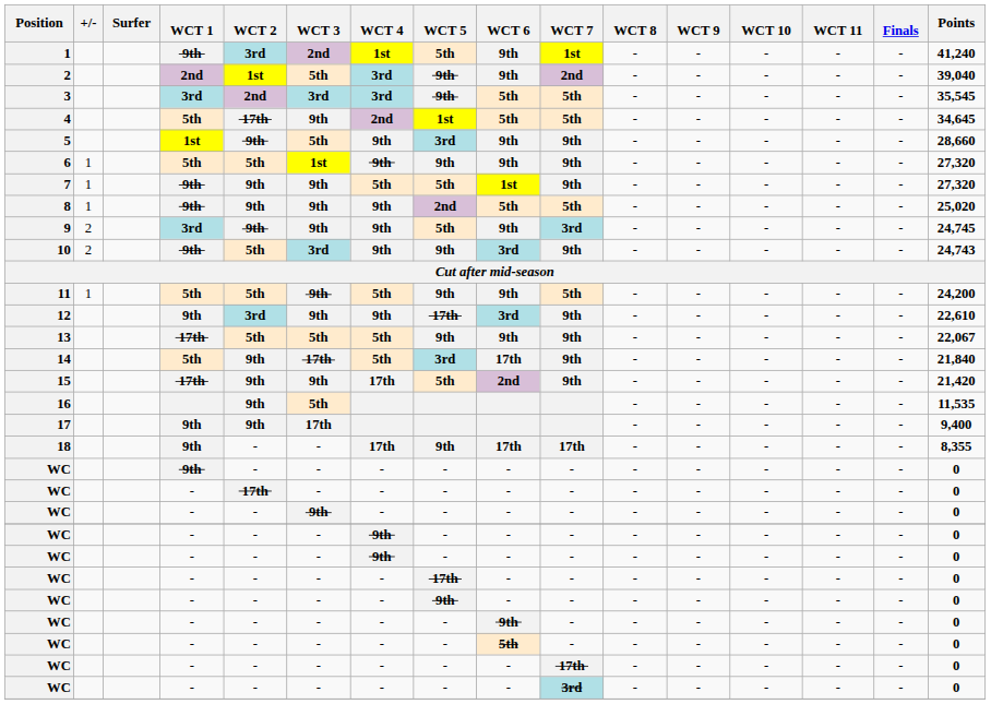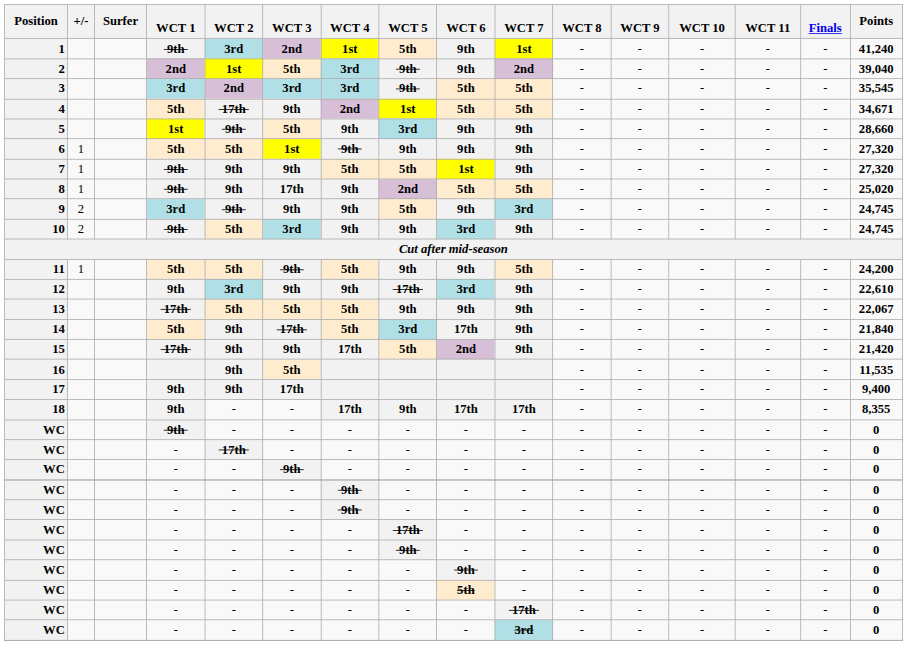 <table class="wikitable" style="width:90%; text-align: center">
 <tr>
 <th>Position</th>
 <th>+/-</th>
 <th>Surfer</th>
 <th><br>WCT 1</th>
 <th><br>WCT 2</th>
 <th><br>WCT 3</th>
 <th><br>WCT 4</th>
 <th><br>WCT 5</th>
 <th><br>WCT 6</th>
 <th><br>WCT 7</th>
 <th><br>WCT 8</th>
 <th><br>WCT 9</th>
 <th><br>WCT 10</th>
 <th><br>WCT 11</th>
 <th><br><a href='#'>Finals</a></th>
 <th>Points</th>
 </tr>
 <tr>
 <th style="text-align:right;">1</th>
 <td></td>
 <td style="text-align:left;"></td>
 <th><s> 9th </s></th>
 <th style="background:#b0e0e6;"> 3rd </th>
 <th style="background:thistle;"> 2nd </th>
 <th style="background:yellow;"> 1st </th>
 <th style="background:#ffebcd;"> 5th </th>
 <th> 9th </th>
 <th style="background:yellow;"> 1st </th>
 <td>-</td>
 <td>-</td>
 <td>-</td>
 <td>-</td>
 <td>-</td>
 <td><strong>41,240</strong></td>
 </tr>
 <tr>
 <th style="text-align:right;">2</th>
 <td></td>
 <td style="text-align:left;"></td>
 <th style="background:thistle;"> 2nd </th>
 <th style="background:yellow;"> 1st </th>
 <th style="background:#ffebcd;"> 5th </th>
 <th style="background:#b0e0e6;"> 3rd </th>
 <th><s> 9th </s></th>
 <th> 9th </th>
 <th style="background:thistle;"> 2nd </th>
 <td>-</td>
 <td>-</td>
 <td>-</td>
 <td>-</td>
 <td>-</td>
 <td><strong>39,040</strong></td>
 </tr>
 <tr>
 <th style="text-align:right;">3</th>
 <td></td>
 <td style="text-align:left;"></td>
 <th style="background:#b0e0e6;"> 3rd </th>
 <th style="background:thistle;"> 2nd </th>
 <th style="background:#b0e0e6;"> 3rd </th>
 <th style="background:#b0e0e6;"> 3rd </th>
 <th><s> 9th </s></th>
 <th style="background:#ffebcd;"> 5th </th>
 <th style="background:#ffebcd;"> 5th </th>
 <td>-</td>
 <td>-</td>
 <td>-</td>
 <td>-</td>
 <td>-</td>
 <td><strong>35,545</strong></td>
 </tr>
 <tr>
 <th style="text-align:right;">4</th>
 <td></td>
 <td style="text-align:left;"></td>
 <th style="background:#ffebcd;"> 5th </th>
 <th><s> 17th </s></th>
 <th> 9th </th>
 <th style="background:thistle;"> 2nd </th>
 <th style="background:yellow;"> 1st </th>
 <th style="background:#ffebcd;"> 5th </th>
 <th style="background:#ffebcd;"> 5th </th>
 <td>-</td>
 <td>-</td>
 <td>-</td>
 <td>-</td>
 <td>-</td>
-<td><strong>34,645</strong></td>
+<td><strong>34,671</strong></td>
 </tr>
 <tr>
 <th style="text-align:right;">5</th>
 <td></td>
 <td style="text-align:left;background:"></td>
 <th style="background:yellow;"> 1st </th>
 <th><s> 9th </s></th>
 <th style="background:#ffebcd;"> 5th </th>
 <th> 9th </th>
 <th style="background:#b0e0e6;"> 3rd </th>
 <th> 9th </th>
 <th> 9th </th>
 <td>-</td>
 <td>-</td>
 <td>-</td>
 <td>-</td>
 <td>-</td>
 <td><strong>28,660</strong></td>
 </tr>
 <tr>
 <th style="text-align:right;">6</th>
 <td style="background:">1</td>
 <td style="text-align:left;"></td>
 <th style="background:#ffebcd;"> 5th </th>
 <th style="background:#ffebcd;"> 5th </th>
 <th style="background:yellow;"> 1st </th>
 <th><s> 9th </s></th>
 <th> 9th </th>
 <th> 9th </th>
 <th> 9th </th>
 <td>-</td>
 <td>-</td>
 <td>-</td>
 <td>-</td>
 <td>-</td>
 <td><strong>27,320</strong></td>
 </tr>
 <tr>
 <th style="text-align:right;">7</th>
 <td style="background:">1</td>
 <td style="text-align:left;"></td>
 <th><s> 9th </s></th>
 <th> 9th </th>
 <th> 9th </th>
 <th style="background:#ffebcd;"> 5th </th>
 <th style="background:#ffebcd;"> 5th </th>
 <th style="background:yellow;"> 1st </th>
 <th> 9th </th>
 <td>-</td>
 <td>-</td>
 <td>-</td>
 <td>-</td>
 <td>-</td>
 <td><strong>27,320</strong></td>
 </tr>
 <tr>
 <th style="text-align:right;">8</th>
 <td style="background:">1</td>
 <td style="text-align:left;"></td>
 <th><s> 9th </s></th>
 <th> 9th </th>
-<th> 9th </th>
+<th> 17th </th>
 <th> 9th </th>
 <th style="background:thistle;"> 2nd </th>
 <th style="background:#ffebcd;"> 5th </th>
 <th style="background:#ffebcd;"> 5th </th>
 <td>-</td>
 <td>-</td>
 <td>-</td>
 <td>-</td>
 <td>-</td>
 <td><strong>25,020</strong></td>
 </tr>
 <tr>
 <th style="text-align:right;">9</th>
 <td style="background:">2</td>
 <td style="text-align:left;"></td>
 <th style="background:#b0e0e6;"> 3rd </th>
 <th><s> 9th </s></th>
 <th> 9th </th>
 <th> 9th </th>
 <th style="background:#ffebcd;"> 5th </th>
 <th> 9th </th>
 <th style="background:#b0e0e6;"> 3rd </th>
 <td>-</td>
 <td>-</td>
 <td>-</td>
 <td>-</td>
 <td>-</td>
 <td><strong>24,745</strong></td>
 </tr>
 <tr>
 <th style="text-align:right;">10</th>
 <td style="background:">2</td>
 <td style="text-align:left;"></td>
 <th><s> 9th </s></th>
 <th style="background:#ffebcd;"> 5th </th>
 <th style="background:#b0e0e6;"> 3rd </th>
 <th> 9th </th>
 <th> 9th </th>
 <th style="background:#b0e0e6;"> 3rd </th>
 <th> 9th </th>
 <td>-</td>
 <td>-</td>
 <td>-</td>
 <td>-</td>
 <td>-</td>
-<td><strong>24,743</strong></td>
+<td><strong>24,745</strong></td>
 </tr>
 <tr>
 <th colspan="16"><em>Cut after mid-season</em></th>
 </tr>
 <tr>
 <th style="text-align:right;">11</th>
 <td style="background:">1</td>
 <td style="text-align:left;"></td>
 <th style="background:#ffebcd;"> 5th </th>
 <th style="background:#ffebcd;"> 5th </th>
 <th><s> 9th </s></th>
 <th style="background:#ffebcd;"> 5th </th>
 <th> 9th </th>
 <th> 9th </th>
 <th style="background:#ffebcd;"> 5th </th>
 <td>-</td>
 <td>-</td>
 <td>-</td>
 <td>-</td>
 <td>-</td>
 <td><strong>24,200</strong></td>
 </tr>
 <tr>
 <th style="text-align:right;">12</th>
 <td></td>
 <td style="text-align:left;"></td>
 <th> 9th </th>
 <th style="background:#b0e0e6;"> 3rd </th>
 <th> 9th </th>
 <th> 9th </th>
 <th><s> 17th </s></th>
 <th style="background:#b0e0e6;"> 3rd </th>
 <th> 9th </th>
 <td>-</td>
 <td>-</td>
 <td>-</td>
 <td>-</td>
 <td>-</td>
 <td><strong>22,610</strong></td>
 </tr>
 <tr>
 <th style="text-align:right;">13</th>
 <td></td>
 <td style="text-align:left;"></td>
 <th><s> 17th </s></th>
 <th style="background:#ffebcd;"> 5th </th>
 <th style="background:#ffebcd;"> 5th </th>
 <th style="background:#ffebcd;"> 5th </th>
 <th> 9th </th>
 <th> 9th </th>
 <th> 9th </th>
 <td>-</td>
 <td>-</td>
 <td>-</td>
 <td>-</td>
 <td>-</td>
 <td><strong>22,067</strong></td>
 </tr>
 <tr>
 <th style="text-align:right;">14</th>
 <td></td>
 <td style="text-align:left;"></td>
 <th style="background:#ffebcd;"> 5th </th>
 <th> 9th </th>
 <th><s> 17th </s></th>
 <th style="background:#ffebcd;"> 5th </th>
 <th style="background:#b0e0e6;"> 3rd </th>
 <th> 17th </th>
 <th> 9th </th>
 <td>-</td>
 <td>-</td>
 <td>-</td>
 <td>-</td>
 <td>-</td>
 <td><strong>21,840</strong></td>
 </tr>
 <tr>
 <th style="text-align:right;">15</th>
 <td></td>
 <td style="text-align:left;"></td>
 <th><s> 17th </s></th>
 <th> 9th </th>
 <th> 9th </th>
 <th> 17th </th>
 <th style="background:#ffebcd;"> 5th </th>
 <th style="background:thistle;"> 2nd </th>
 <th> 9th </th>
 <td>-</td>
 <td>-</td>
 <td>-</td>
 <td>-</td>
 <td>-</td>
 <td><strong>21,420</strong></td>
 </tr>
 <tr>
 <th style="text-align:right;">16</th>
 <td></td>
 <td style="text-align:left;"></td>
 <th>  </th>
 <th> 9th </th>
 <th style="background:#ffebcd;"> 5th </th>
 <th>  </th>
 <th>  </th>
 <th>  </th>
 <th>  </th>
 <td>-</td>
 <td>-</td>
 <td>-</td>
 <td>-</td>
 <td>-</td>
 <td><strong>11,535</strong></td>
 </tr>
 <tr>
 <th style="text-align:right;">17</th>
 <td></td>
 <td style="text-align:left;"></td>
 <th> 9th </th>
 <th> 9th </th>
 <th> 17th </th>
 <th>  </th>
 <th>  </th>
 <th>  </th>
 <th>  </th>
 <td>-</td>
 <td>-</td>
 <td>-</td>
 <td>-</td>
 <td>-</td>
 <td><strong>9,400</strong></td>
 </tr>
 <tr>
 <th style="text-align:right;">18</th>
 <td></td>
 <td style="text-align:left;"></td>
 <th> 9th </th>
 <td>-</td>
 <td>-</td>
 <th> 17th </th>
 <th> 9th </th>
 <th> 17th </th>
 <th> 17th </th>
 <td>-</td>
 <td>-</td>
 <td>-</td>
 <td>-</td>
 <td>-</td>
 <td><strong>8,355</strong></td>
 </tr>
 <tr>
 <th style="text-align:right;">WC</th>
 <td></td>
 <td style="text-align:left;"></td>
 <th><s> 9th </s></th>
 <td>-</td>
 <td>-</td>
 <td>-</td>
 <td>-</td>
 <td>-</td>
 <td>-</td>
 <td>-</td>
 <td>-</td>
 <td>-</td>
 <td>-</td>
 <td>-</td>
 <td><strong>0</strong></td>
 </tr>
 <tr>
 <th style="text-align:right;">WC</th>
 <td></td>
 <td style="text-align:left;"></td>
 <td>-</td>
 <th><s> 17th </s></th>
 <td>-</td>
 <td>-</td>
 <td>-</td>
 <td>-</td>
 <td>-</td>
 <td>-</td>
 <td>-</td>
 <td>-</td>
 <td>-</td>
 <td>-</td>
 <td><strong>0</strong></td>
 </tr>
 <tr>
 <th style="text-align:right;">WC</th>
 <td></td>
 <td style="text-align:left;"></td>
 <td>-</td>
 <td>-</td>
 <th><s> 9th </s></th>
 <td>-</td>
 <td>-</td>
 <td>-</td>
 <td>-</td>
 <td>-</td>
 <td>-</td>
 <td>-</td>
 <td>-</td>
 <td>-</td>
 <td><strong>0</strong></td>
 </tr>
 <tr>
 </tr>
 <tr>
 <th style="text-align:right;">WC</th>
 <td></td>
 <td style="text-align:left;"></td>
 <td>-</td>
 <td>-</td>
 <td>-</td>
 <th><s> 9th </s></th>
 <td>-</td>
 <td>-</td>
 <td>-</td>
 <td>-</td>
 <td>-</td>
 <td>-</td>
 <td>-</td>
 <td>-</td>
 <td><strong>0</strong></td>
 </tr>
 <tr>
 <th style="text-align:right;">WC</th>
 <td></td>
 <td style="text-align:left;"></td>
 <td>-</td>
 <td>-</td>
 <td>-</td>
 <th><s> 9th </s></th>
 <td>-</td>
 <td>-</td>
 <td>-</td>
 <td>-</td>
 <td>-</td>
 <td>-</td>
 <td>-</td>
 <td>-</td>
 <td><strong>0</strong></td>
 </tr>
 <tr>
 <th style="text-align:right;">WC</th>
 <td></td>
 <td style="text-align:left;"></td>
 <td>-</td>
 <td>-</td>
 <td>-</td>
 <td>-</td>
 <th><s> 17th </s></th>
 <td>-</td>
 <td>-</td>
 <td>-</td>
 <td>-</td>
 <td>-</td>
 <td>-</td>
 <td>-</td>
 <td><strong>0</strong></td>
 </tr>
 <tr>
 <th style="text-align:right;">WC</th>
 <td></td>
 <td style="text-align:left;"></td>
 <td>-</td>
 <td>-</td>
 <td>-</td>
 <td>-</td>
 <th><s> 9th </s></th>
 <td>-</td>
 <td>-</td>
 <td>-</td>
 <td>-</td>
 <td>-</td>
 <td>-</td>
 <td>-</td>
 <td><strong>0</strong></td>
 </tr>
 <tr>
 <th style="text-align:right;">WC</th>
 <td></td>
 <td style="text-align:left;"></td>
 <td>-</td>
 <td>-</td>
 <td>-</td>
 <td>-</td>
 <td>-</td>
 <th><s> 9th </s></th>
 <td>-</td>
 <td>-</td>
 <td>-</td>
 <td>-</td>
 <td>-</td>
 <td>-</td>
 <td><strong>0</strong></td>
 </tr>
 <tr>
 <th style="text-align:right;">WC</th>
 <td></td>
 <td style="text-align:left;"></td>
 <td>-</td>
 <td>-</td>
 <td>-</td>
 <td>-</td>
 <td>-</td>
 <th style="background:#ffebcd;"> <s>5th</s> </th>
 <td>-</td>
 <td>-</td>
 <td>-</td>
 <td>-</td>
 <td>-</td>
 <td>-</td>
 <td><strong>0</strong></td>
 </tr>
 <tr>
 <th style="text-align:right;">WC</th>
 <td></td>
 <td style="text-align:left;"></td>
 <td>-</td>
 <td>-</td>
 <td>-</td>
 <td>-</td>
 <td>-</td>
 <td>-</td>
 <th><s> 17th </s></th>
 <td>-</td>
 <td>-</td>
 <td>-</td>
 <td>-</td>
 <td>-</td>
 <td><strong>0</strong></td>
 </tr>
 <tr>
 <th style="text-align:right;">WC</th>
 <td></td>
 <td style="text-align:left;"></td>
 <td>-</td>
 <td>-</td>
 <td>-</td>
 <td>-</td>
 <td>-</td>
 <td>-</td>
 <th style="background:#b0e0e6;"> <s>3rd</s> </th>
 <td>-</td>
 <td>-</td>
 <td>-</td>
 <td>-</td>
 <td>-</td>
 <td><strong>0</strong></td>
 </tr>
 <tr>
 </tr>
 </table>
